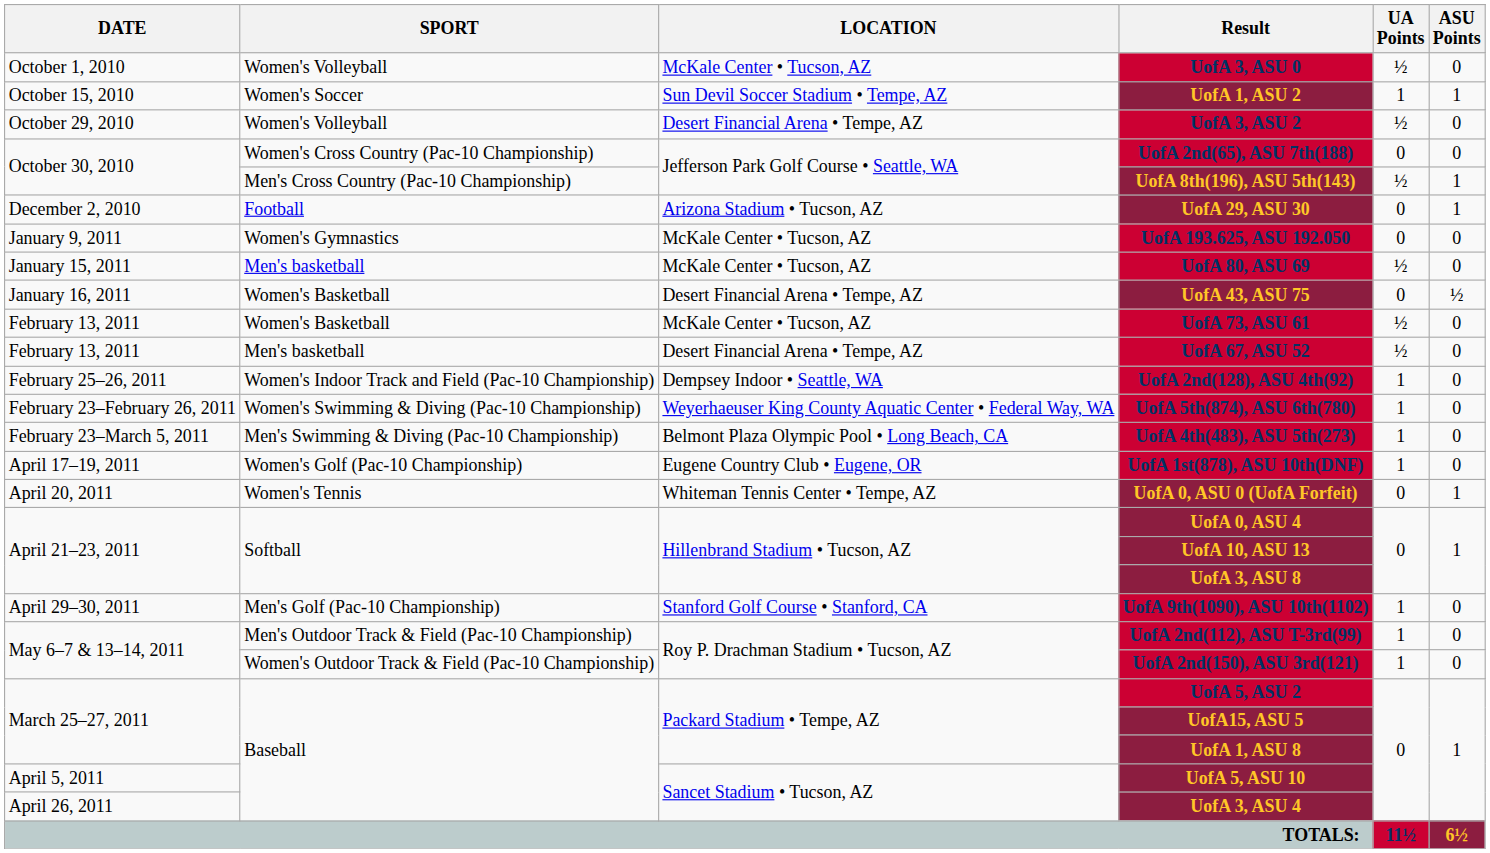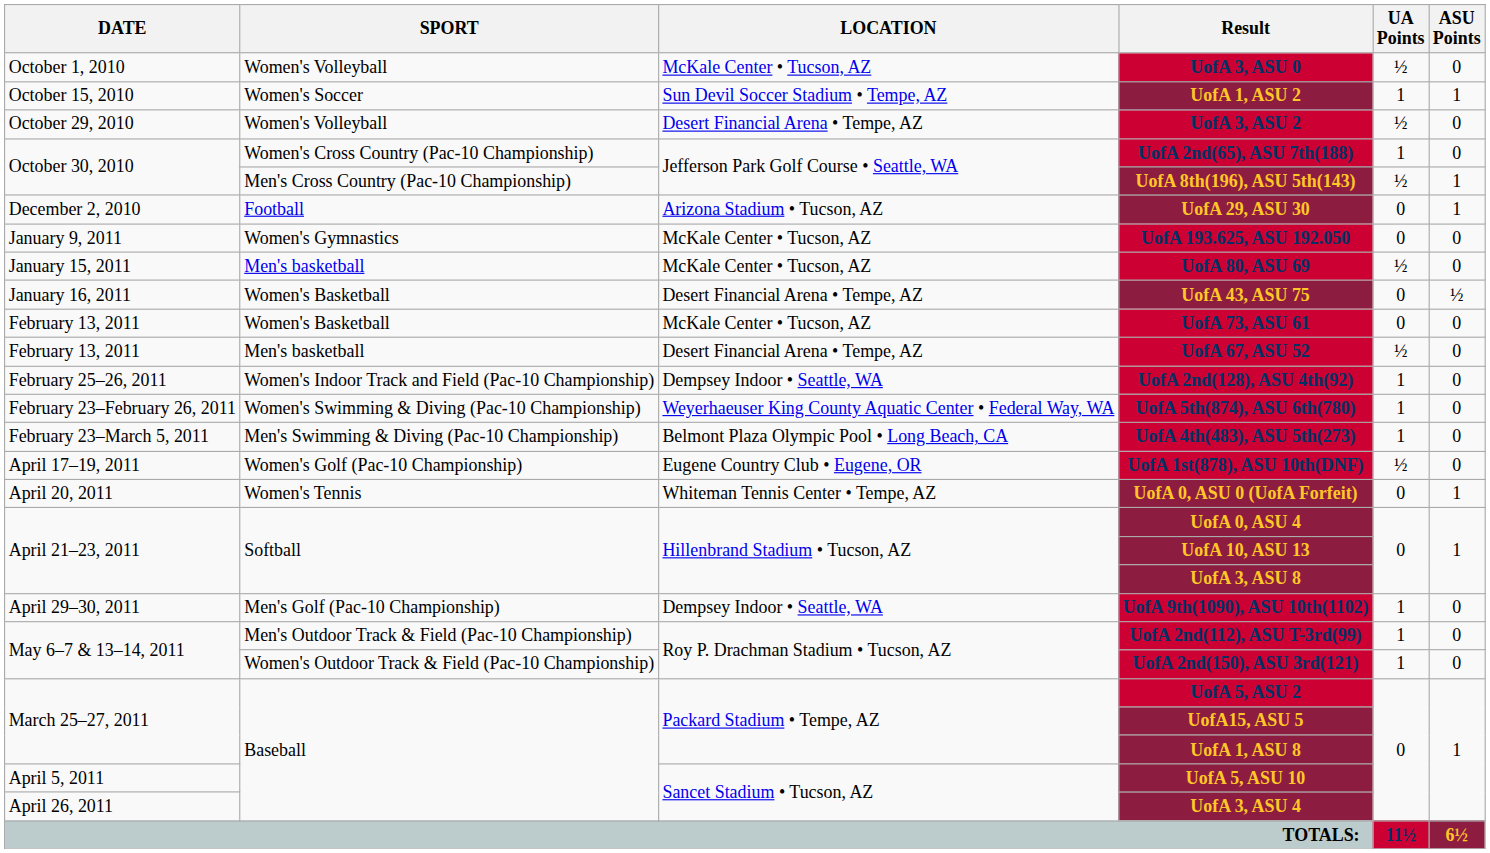 <table class=wikitable>
 <tr>
 <th>DATE</th>
 <th>SPORT</th>
 <th>LOCATION</th>
 <th>Result</th>
 <th>UA<br>Points</th>
 <th>ASU<br>Points</th>
 </tr>
 <tr>
 <td>October 1, 2010</td>
 <td>Women's Volleyball</td>
 <td><a href='#'>McKale Center</a> • <a href='#'>Tucson, AZ</a></td>
 <th style="background:#CC0033; color:#003366;">UofA 3, ASU 0</th>
 <td align="center">½</td>
 <td align="center">0</td>
 </tr>
 <tr>
 <td>October 15, 2010</td>
 <td>Women's Soccer</td>
 <td><a href='#'>Sun Devil Soccer Stadium</a> • <a href='#'>Tempe, AZ</a></td>
 <th style="background:#8C1D40; color:#FFC627;">UofA 1, ASU 2</th>
 <td align="center">1</td>
 <td align="center">1</td>
 </tr>
 <tr>
 <td>October 29, 2010</td>
 <td>Women's Volleyball</td>
 <td><a href='#'>Desert Financial Arena</a> • Tempe, AZ</td>
 <th style="background:#CC0033; color:#003366;">UofA 3, ASU 2</th>
 <td align="center">½</td>
 <td align="center">0</td>
 </tr>
 <tr>
 <td rowspan=2>October 30, 2010</td>
 <td>Women's Cross Country (Pac-10 Championship)</td>
 <td rowspan=2>Jefferson Park Golf Course • <a href='#'>Seattle, WA</a></td>
 <th style="background:#CC0033; color:#003366;">UofA 2nd(65), ASU 7th(188)</th>
-<td align="center">0</td>
+<td align="center">1</td>
 <td align="center">0</td>
 </tr>
 <tr>
 <td>Men's Cross Country (Pac-10 Championship)</td>
 <th style="background:#8C1D40; color:#FFC627;">UofA 8th(196), ASU 5th(143)</th>
 <td align="center">½</td>
 <td align="center">1</td>
 </tr>
 <tr>
 <td>December 2, 2010</td>
 <td><a href='#'>Football</a></td>
 <td><a href='#'>Arizona Stadium</a> • Tucson, AZ</td>
 <th style="background:#8C1D40; color:#FFC627;">UofA 29, ASU 30</th>
 <td align="center">0</td>
 <td align="center">1</td>
 </tr>
 <tr>
 <td>January 9, 2011</td>
 <td>Women's Gymnastics</td>
 <td>McKale Center • Tucson, AZ</td>
 <th style="background:#CC0033; color:#003366;">UofA 193.625, ASU 192.050</th>
 <td align="center">0</td>
 <td align="center">0</td>
 </tr>
 <tr>
 <td>January 15, 2011</td>
 <td><a href='#'>Men's basketball</a></td>
 <td>McKale Center • Tucson, AZ</td>
 <th style="background:#CC0033; color:#003366;">UofA 80, ASU 69</th>
 <td align="center">½</td>
 <td align="center">0</td>
 </tr>
 <tr>
 <td>January 16, 2011</td>
 <td>Women's Basketball</td>
 <td>Desert Financial Arena • Tempe, AZ</td>
 <th style="background:#8C1D40; color:#FFC627;">UofA 43, ASU 75</th>
 <td align="center">0</td>
 <td align="center">½</td>
 </tr>
 <tr>
 <td>February 13, 2011</td>
 <td>Women's Basketball</td>
 <td>McKale Center • Tucson, AZ</td>
 <th style="background:#CC0033; color:#003366;">UofA 73, ASU 61</th>
-<td align="center">½</td>
+<td align="center">0</td>
 <td align="center">0</td>
 </tr>
 <tr>
 <td>February 13, 2011</td>
 <td>Men's basketball</td>
 <td>Desert Financial Arena • Tempe, AZ</td>
 <th style="background:#CC0033; color:#003366;">UofA 67, ASU 52</th>
 <td align="center">½</td>
 <td align="center">0</td>
 </tr>
 <tr>
 <td>February 25–26, 2011</td>
 <td>Women's Indoor Track and Field (Pac-10 Championship)</td>
 <td>Dempsey Indoor • <a href='#'>Seattle, WA</a></td>
 <th style="background:#CC0033; color:#003366;">UofA 2nd(128), ASU 4th(92)</th>
 <td align="center">1</td>
 <td align="center">0</td>
 </tr>
 <tr>
 <td>February 23–February 26, 2011</td>
 <td>Women's Swimming & Diving (Pac-10 Championship)</td>
 <td><a href='#'>Weyerhaeuser King County Aquatic Center</a> • <a href='#'>Federal Way, WA</a></td>
 <th style="background:#CC0033; color:#003366;">UofA 5th(874), ASU 6th(780)</th>
 <td align="center">1</td>
 <td align="center">0</td>
 </tr>
 <tr>
 <td>February 23–March 5, 2011</td>
 <td>Men's Swimming & Diving (Pac-10 Championship)</td>
 <td>Belmont Plaza Olympic Pool • <a href='#'>Long Beach, CA</a></td>
 <th style="background:#CC0033; color:#003366;">UofA 4th(483), ASU 5th(273)</th>
 <td align="center">1</td>
 <td align="center">0</td>
 </tr>
 <tr>
 <td>April 17–19, 2011</td>
 <td>Women's Golf (Pac-10 Championship)</td>
 <td>Eugene Country Club • <a href='#'>Eugene, OR</a></td>
 <th style="background:#CC0033; color:#003366;">UofA 1st(878), ASU 10th(DNF)</th>
-<td align="center">1</td>
+<td align="center">½</td>
 <td align="center">0</td>
 </tr>
 <tr>
 <td>April 20, 2011</td>
 <td>Women's Tennis</td>
 <td>Whiteman Tennis Center • Tempe, AZ</td>
 <th style="background:#8C1D40; color:#FFC627;">UofA 0, ASU 0 (UofA Forfeit)</th>
 <td align="center">0</td>
 <td align="center">1</td>
 </tr>
 <tr>
 <td rowspan="3">April 21–23, 2011</td>
 <td rowspan="3">Softball</td>
 <td rowspan="3"><a href='#'>Hillenbrand Stadium</a> • Tucson, AZ</td>
 <th style="background:#8C1D40; color:#FFC627;">UofA 0, ASU 4</th>
 <td rowspan="3" align="center">0</td>
 <td rowspan="3" align="center">1</td>
 </tr>
 <tr>
 <th style="background:#8C1D40; color:#FFC627;">UofA 10, ASU 13</th>
 </tr>
 <tr>
 <th style="background:#8C1D40; color:#FFC627;">UofA 3, ASU 8</th>
 </tr>
 <tr>
 <td>April 29–30, 2011</td>
 <td>Men's Golf (Pac-10 Championship)</td>
-<td><a href='#'>Stanford Golf Course</a> • <a href='#'>Stanford, CA</a></td>
+<td>Dempsey Indoor • <a href='#'>Seattle, WA</a></td>
 <th style="background:#CC0033; color:#003366;">UofA 9th(1090), ASU 10th(1102)</th>
 <td align="center">1</td>
 <td align="center">0</td>
 </tr>
 <tr>
 <td rowspan=2>May 6–7 & 13–14, 2011</td>
 <td>Men's Outdoor Track & Field (Pac-10 Championship)</td>
 <td rowspan=2>Roy P. Drachman Stadium • Tucson, AZ</td>
 <th style="background:#CC0033; color:#003366;">UofA 2nd(112), ASU T-3rd(99)</th>
 <td align="center">1</td>
 <td align="center">0</td>
 </tr>
 <tr>
 <td>Women's Outdoor Track & Field (Pac-10 Championship)</td>
 <th style="background:#CC0033; color:#003366;">UofA 2nd(150), ASU 3rd(121)</th>
 <td align="center">1</td>
 <td align="center">0</td>
 </tr>
 <tr>
 <td rowspan="3">March 25–27, 2011</td>
 <td rowspan="5">Baseball</td>
 <td rowspan="3"><a href='#'>Packard Stadium</a> • Tempe, AZ</td>
 <th style="background:#CC0033; color:#003366;">UofA 5, ASU 2</th>
 <td rowspan="5" align="center">0</td>
 <td rowspan="5" align="center">1</td>
 </tr>
 <tr>
 <th style="background:#8C1D40; color:#FFC627;">UofA15, ASU 5</th>
 </tr>
 <tr>
 <th style="background:#8C1D40; color:#FFC627;">UofA 1, ASU 8</th>
 </tr>
 <tr>
 <td>April 5, 2011</td>
 <td rowspan="2"><a href='#'>Sancet Stadium</a> • Tucson, AZ</td>
 <th style="background:#8C1D40; color:#FFC627;">UofA 5, ASU 10</th>
 </tr>
 <tr>
 <td>April 26, 2011</td>
 <th style="background:#8C1D40; color:#FFC627;">UofA 3, ASU 4</th>
 </tr>
 <tr style="background:#bccccc;">
 <td colspan="4" style="text-align:right;"><strong>TOTALS:</strong>  </td>
 <th style="background:#CC0033; color:#003366;">11½</th>
 <th style="background:#8C1D40; color:#FFC627;">6½</th>
 </tr>
 </table>
